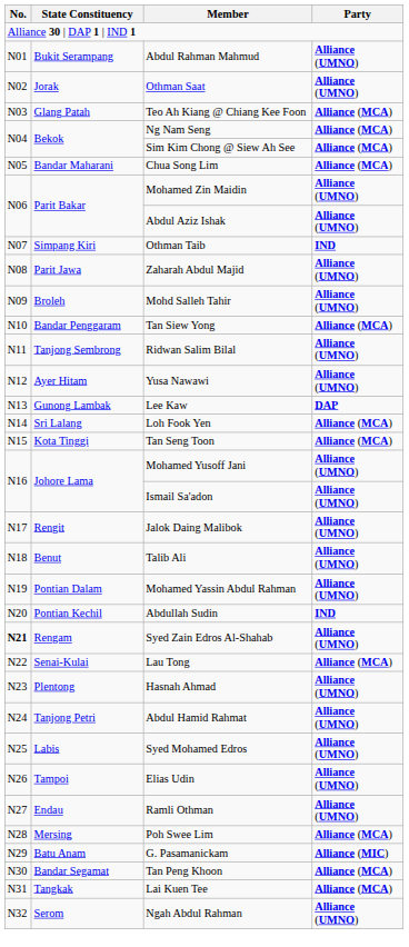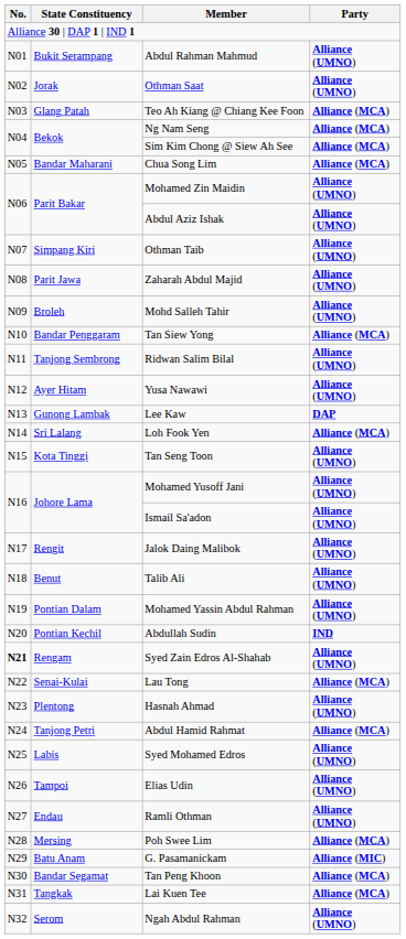 <table class="wikitable sortable">
 <tr>
 <th style="width:30px;">No.</th>
 <th style="width:150px;">State Constituency</th>
 <th style="width:230px;">Member</th>
 <th style="width:120px;">Party</th>
 </tr>
 <tr>
 <td colspan="4"><a href='#'>Alliance</a> <strong>30</strong> | <a href='#'>DAP</a> <strong>1</strong> | <a href='#'>IND</a> <strong>1</strong></td>
 </tr>
 <tr>
 <td>N01</td>
 <td><a href='#'>Bukit Serampang</a></td>
 <td>Abdul Rahman Mahmud</td>
 <td><strong><a href='#'>Alliance</a></strong> (<strong><a href='#'>UMNO</a></strong>)</td>
 </tr>
 <tr>
 <td>N02</td>
 <td><a href='#'>Jorak</a></td>
 <td><a href='#'>Othman Saat</a></td>
 <td><strong><a href='#'>Alliance</a></strong> (<strong><a href='#'>UMNO</a></strong>)</td>
 </tr>
 <tr>
 <td>N03</td>
 <td><a href='#'>Glang Patah</a></td>
 <td>Teo Ah Kiang @ Chiang Kee Foon</td>
 <td><strong><a href='#'>Alliance</a></strong> (<strong><a href='#'>MCA</a></strong>)</td>
 </tr>
 <tr>
 <td rowspan=2>N04</td>
 <td rowspan=2><a href='#'>Bekok</a></td>
 <td>Ng Nam Seng </td>
 <td><strong><a href='#'>Alliance</a></strong> (<strong><a href='#'>MCA</a></strong>)</td>
 </tr>
 <tr>
 <td>Sim Kim Chong @ Siew Ah See </td>
 <td><strong><a href='#'>Alliance</a></strong> (<strong><a href='#'>MCA</a></strong>)</td>
 </tr>
 <tr>
 <td>N05</td>
 <td><a href='#'>Bandar Maharani</a></td>
 <td>Chua Song Lim</td>
 <td><strong><a href='#'>Alliance</a></strong> (<strong><a href='#'>MCA</a></strong>)</td>
 </tr>
 <tr>
 <td rowspan=2>N06</td>
 <td rowspan=2><a href='#'>Parit Bakar</a></td>
 <td>Mohamed Zin Maidin </td>
 <td><strong><a href='#'>Alliance</a></strong> (<strong><a href='#'>UMNO</a></strong>)</td>
 </tr>
 <tr>
 <td>Abdul Aziz Ishak </td>
 <td><strong><a href='#'>Alliance</a></strong> (<strong><a href='#'>UMNO</a></strong>)</td>
 </tr>
 <tr>
 <td>N07</td>
 <td><a href='#'>Simpang Kiri</a></td>
 <td>Othman Taib</td>
-<td><strong><a href='#'>IND</a></strong></td>
+<td><strong><a href='#'>Alliance</a></strong> (<strong><a href='#'>UMNO</a></strong>)</td>
 </tr>
 <tr>
 <td>N08</td>
 <td><a href='#'>Parit Jawa</a></td>
 <td>Zaharah Abdul Majid</td>
 <td><strong><a href='#'>Alliance</a></strong> (<strong><a href='#'>UMNO</a></strong>)</td>
 </tr>
 <tr>
 <td>N09</td>
 <td><a href='#'>Broleh</a></td>
 <td>Mohd Salleh Tahir</td>
 <td><strong><a href='#'>Alliance</a></strong> (<strong><a href='#'>UMNO</a></strong>)</td>
 </tr>
 <tr>
 <td>N10</td>
 <td><a href='#'>Bandar Penggaram</a></td>
 <td>Tan Siew Yong</td>
 <td><strong><a href='#'>Alliance</a></strong> (<strong><a href='#'>MCA</a></strong>)</td>
 </tr>
 <tr>
 <td>N11</td>
 <td><a href='#'>Tanjong Sembrong</a></td>
 <td>Ridwan Salim Bilal</td>
 <td><strong><a href='#'>Alliance</a></strong> (<strong><a href='#'>UMNO</a></strong>)</td>
 </tr>
 <tr>
 <td>N12</td>
 <td><a href='#'>Ayer Hitam</a></td>
 <td>Yusa Nawawi</td>
 <td><strong><a href='#'>Alliance</a></strong> (<strong><a href='#'>UMNO</a></strong>)</td>
 </tr>
 <tr>
 <td>N13</td>
 <td><a href='#'>Gunong Lambak</a></td>
 <td>Lee Kaw</td>
 <td><strong><a href='#'>DAP</a></strong></td>
 </tr>
 <tr>
 <td>N14</td>
 <td><a href='#'>Sri Lalang</a></td>
 <td>Loh Fook Yen</td>
 <td><strong><a href='#'>Alliance</a></strong> (<strong><a href='#'>MCA</a></strong>)</td>
 </tr>
 <tr>
 <td>N15</td>
 <td><a href='#'>Kota Tinggi</a></td>
 <td>Tan Seng Toon</td>
-<td><strong><a href='#'>Alliance</a></strong> (<strong><a href='#'>MCA</a></strong>)</td>
+<td><strong><a href='#'>Alliance</a></strong> (<strong><a href='#'>UMNO</a></strong>)</td>
 </tr>
 <tr>
 <td rowspan=2>N16</td>
 <td rowspan=2><a href='#'>Johore Lama</a></td>
 <td>Mohamed Yusoff Jani </td>
 <td><strong><a href='#'>Alliance</a></strong> (<strong><a href='#'>UMNO</a></strong>)</td>
 </tr>
 <tr>
 <td>Ismail Sa'adon </td>
 <td><strong><a href='#'>Alliance</a></strong> (<strong><a href='#'>UMNO</a></strong>)</td>
 </tr>
 <tr>
 <td>N17</td>
 <td><a href='#'>Rengit</a></td>
 <td>Jalok Daing Malibok</td>
 <td><strong><a href='#'>Alliance</a></strong> (<strong><a href='#'>UMNO</a></strong>)</td>
 </tr>
 <tr>
 <td>N18</td>
 <td><a href='#'>Benut</a></td>
 <td>Talib Ali</td>
 <td><strong><a href='#'>Alliance</a></strong> (<strong><a href='#'>UMNO</a></strong>)</td>
 </tr>
 <tr>
 <td>N19</td>
 <td><a href='#'>Pontian Dalam</a></td>
 <td>Mohamed Yassin Abdul Rahman</td>
 <td><strong><a href='#'>Alliance</a></strong> (<strong><a href='#'>UMNO</a></strong>)</td>
 </tr>
 <tr>
 <td>N20</td>
 <td><a href='#'>Pontian Kechil</a></td>
 <td>Abdullah Sudin</td>
 <td><strong><a href='#'>IND</a></strong></td>
 </tr>
 <tr>
 <td><strong>N21</strong></td>
 <td><a href='#'>Rengam</a></td>
 <td>Syed Zain Edros Al-Shahab</td>
 <td><strong><a href='#'>Alliance</a></strong> (<strong><a href='#'>UMNO</a></strong>)</td>
 </tr>
 <tr>
 <td>N22</td>
 <td><a href='#'>Senai-Kulai</a></td>
 <td>Lau Tong</td>
 <td><strong><a href='#'>Alliance</a></strong> (<strong><a href='#'>MCA</a></strong>)</td>
 </tr>
 <tr>
 <td>N23</td>
 <td><a href='#'>Plentong</a></td>
 <td>Hasnah Ahmad</td>
 <td><strong><a href='#'>Alliance</a></strong> (<strong><a href='#'>UMNO</a></strong>)</td>
 </tr>
 <tr>
 <td>N24</td>
 <td><a href='#'>Tanjong Petri</a></td>
 <td>Abdul Hamid Rahmat</td>
-<td><strong><a href='#'>Alliance</a></strong> (<strong><a href='#'>UMNO</a></strong>)</td>
+<td><strong><a href='#'>Alliance</a></strong> (<strong><a href='#'>MCA</a></strong>)</td>
 </tr>
 <tr>
 <td>N25</td>
 <td><a href='#'>Labis</a></td>
 <td>Syed Mohamed Edros</td>
 <td><strong><a href='#'>Alliance</a></strong> (<strong><a href='#'>UMNO</a></strong>)</td>
 </tr>
 <tr>
 <td>N26</td>
 <td><a href='#'>Tampoi</a></td>
 <td>Elias Udin</td>
 <td><strong><a href='#'>Alliance</a></strong> (<strong><a href='#'>UMNO</a></strong>)</td>
 </tr>
 <tr>
 <td>N27</td>
 <td><a href='#'>Endau</a></td>
 <td>Ramli Othman</td>
 <td><strong><a href='#'>Alliance</a></strong> (<strong><a href='#'>UMNO</a></strong>)</td>
 </tr>
 <tr>
 <td>N28</td>
 <td><a href='#'>Mersing</a></td>
 <td>Poh Swee Lim</td>
 <td><strong><a href='#'>Alliance</a></strong> (<strong><a href='#'>MCA</a></strong>)</td>
 </tr>
 <tr>
 <td>N29</td>
 <td><a href='#'>Batu Anam</a></td>
 <td>G. Pasamanickam</td>
 <td><strong><a href='#'>Alliance</a></strong> (<strong><a href='#'>MIC</a></strong>)</td>
 </tr>
 <tr>
 <td>N30</td>
 <td><a href='#'>Bandar Segamat</a></td>
 <td>Tan Peng Khoon</td>
 <td><strong><a href='#'>Alliance</a></strong> (<strong><a href='#'>MCA</a></strong>)</td>
 </tr>
 <tr>
 <td>N31</td>
 <td><a href='#'>Tangkak</a></td>
 <td>Lai Kuen Tee</td>
 <td><strong><a href='#'>Alliance</a></strong> (<strong><a href='#'>MCA</a></strong>)</td>
 </tr>
 <tr>
 <td>N32</td>
 <td><a href='#'>Serom</a></td>
 <td>Ngah Abdul Rahman</td>
 <td><strong><a href='#'>Alliance</a></strong> (<strong><a href='#'>UMNO</a></strong>)</td>
 </tr>
 </table>
